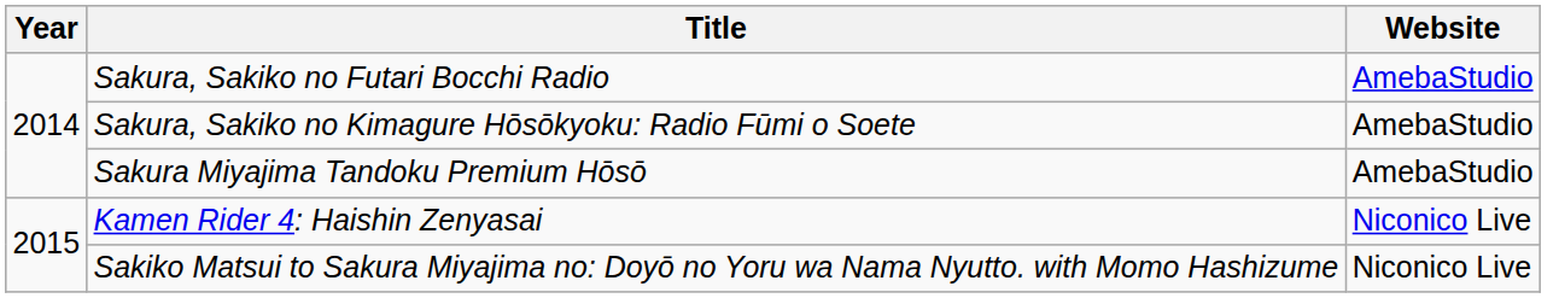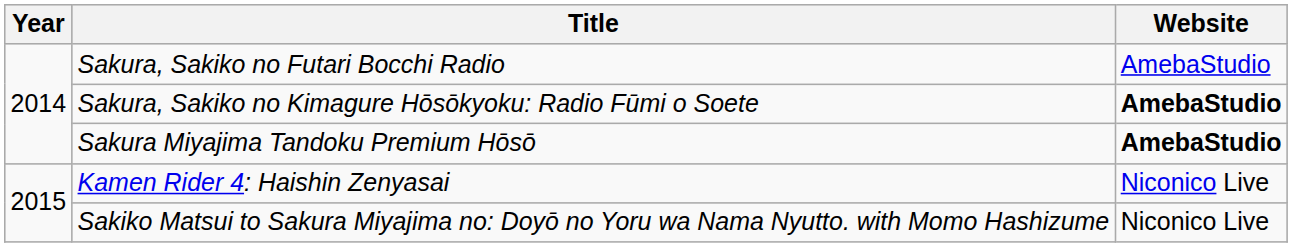 <table class="wikitable">
 <tr>
 <th>Year</th>
 <th>Title</th>
 <th>Website</th>
 </tr>
 <tr>
 <td rowspan="3">2014</td>
 <td><em>Sakura, Sakiko no Futari Bocchi Radio</em></td>
 <td><a href='#'>AmebaStudio</a></td>
 </tr>
 <tr>
 <td><em>Sakura, Sakiko no Kimagure Hōsōkyoku: Radio Fūmi o Soete</em></td>
-<td>AmebaStudio</td>
+<td><strong>AmebaStudio</strong></td>
 </tr>
 <tr>
 <td><em>Sakura Miyajima Tandoku Premium Hōsō</em></td>
-<td>AmebaStudio</td>
+<td><strong>AmebaStudio</strong></td>
 </tr>
 <tr>
 <td rowspan="2">2015</td>
 <td><em><a href='#'>Kamen Rider 4</a>: Haishin Zenyasai</em></td>
 <td><a href='#'>Niconico</a> Live</td>
 </tr>
 <tr>
 <td><em>Sakiko Matsui to Sakura Miyajima no: Doyō no Yoru wa Nama Nyutto. with Momo Hashizume</em></td>
 <td>Niconico Live</td>
 </tr>
 </table>
